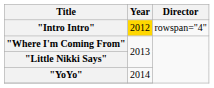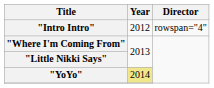 <table class="wikitable plainrowheaders" style="text-align:center;">
 <tr>
 <th scope="col">Title</th>
 <th scope="col">Year</th>
 <th scope="col">Director</th>
 </tr>
 <tr>
 <th scope="row">"Intro Intro"</th>
-<td style="background: gold;">2012</td>
+<td>2012</td>
 <td>rowspan="4" </td>
 </tr>
 <tr>
 <th scope="row">"Where I'm Coming From"</th>
 <td rowspan="2">2013</td>
 </tr>
 <tr>
 <th scope="row">"Little Nikki Says"</th>
 </tr>
 <tr>
 <th scope="row">"YoYo"</th>
-<td>2014</td>
+<td style="background: khaki;">2014</td>
 </tr>
 <tr>
 </tr>
 </table>
